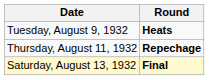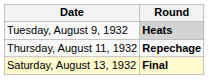 <table class="wikitable">
 <tr>
 <th>Date</th>
 <th>Round</th>
 </tr>
 <tr>
 <td>Tuesday, August 9, 1932</td>
-<td><strong>Heats</strong></td>
+<td style="background: lightgrey;"><strong>Heats</strong></td>
 </tr>
 <tr>
 <td>Thursday, August 11, 1932</td>
 <td><strong>Repechage</strong></td>
 </tr>
 <tr>
 <td style=background:lemonchiffon>Saturday, August 13, 1932</td>
 <td style=background:lemonchiffon><strong>Final</strong></td>
 </tr>
 </table>
